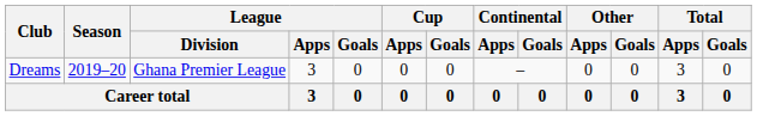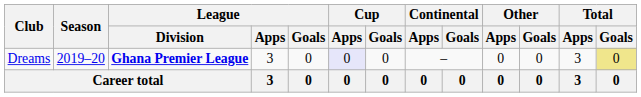 <table class="wikitable" style="text-align: center">
 <tr>
 <th rowspan="2">Club</th>
 <th rowspan="2">Season</th>
 <th colspan="3">League</th>
 <th colspan="2">Cup</th>
 <th colspan="2">Continental</th>
 <th colspan="2">Other</th>
 <th colspan="2">Total</th>
 </tr>
 <tr>
 <th>Division</th>
 <th>Apps</th>
 <th>Goals</th>
 <th>Apps</th>
 <th>Goals</th>
 <th>Apps</th>
 <th>Goals</th>
 <th>Apps</th>
 <th>Goals</th>
 <th>Apps</th>
 <th>Goals</th>
 </tr>
 <tr>
 <td><a href='#'>Dreams</a></td>
 <td><a href='#'>2019–20</a></td>
-<td><a href='#'>Ghana Premier League</a></td>
+<td><strong><a href='#'>Ghana Premier League</a></strong></td>
 <td>3</td>
 <td>0</td>
-<td>0</td>
+<td style="background: lavender;">0</td>
 <td>0</td>
 <td colspan="2">–</td>
 <td>0</td>
 <td>0</td>
 <td>3</td>
-<td>0</td>
+<td style="background: khaki;">0</td>
 </tr>
 <tr>
 <th colspan="3"><strong>Career total</strong></th>
 <th>3</th>
 <th>0</th>
 <th>0</th>
 <th>0</th>
 <th>0</th>
 <th>0</th>
 <th>0</th>
 <th>0</th>
 <th>3</th>
 <th>0</th>
 </tr>
 </table>
